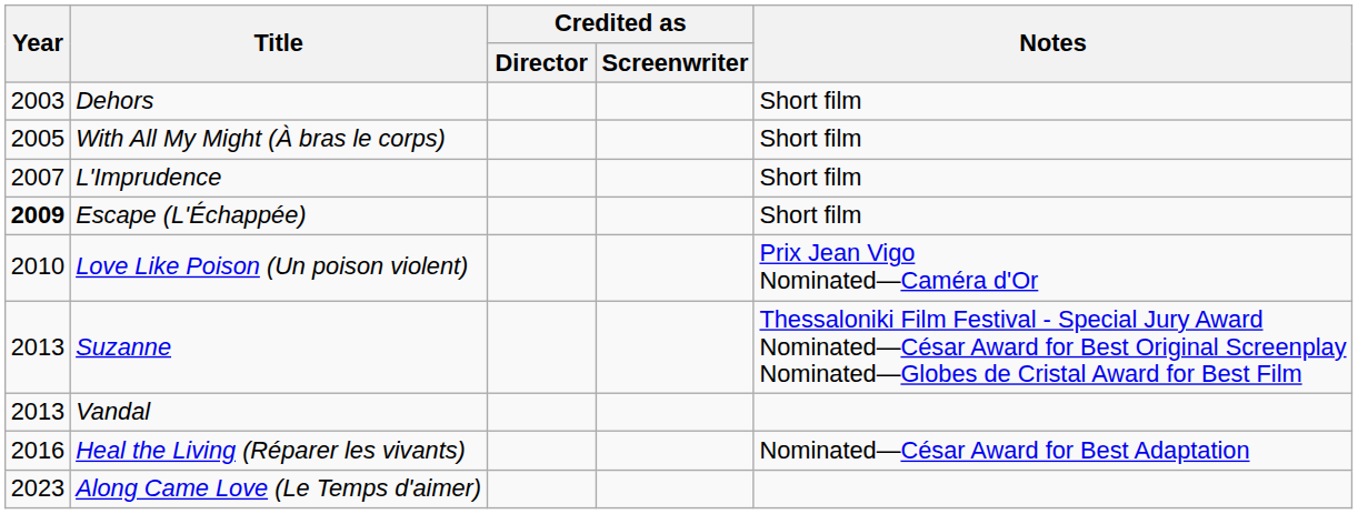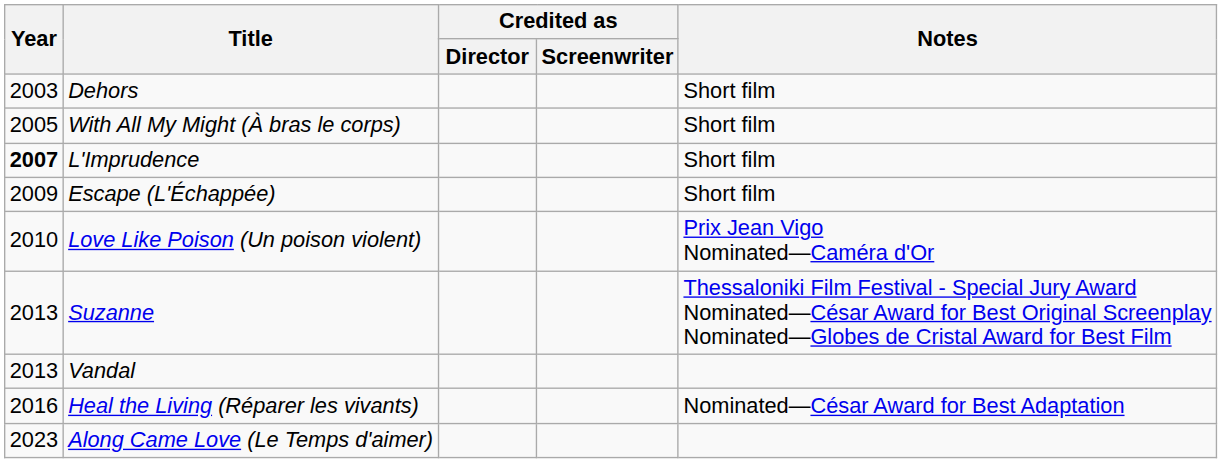 <table class="wikitable sortable">
 <tr>
 <th rowspan=2 width="33">Year</th>
 <th rowspan=2>Title</th>
 <th colspan=2>Credited as</th>
 <th rowspan=2>Notes</th>
 </tr>
 <tr>
 <th width=65>Director</th>
 <th width=65>Screenwriter</th>
 </tr>
 <tr>
 <td align="center">2003</td>
 <td align="left"><em>Dehors</em></td>
 <td></td>
 <td></td>
 <td>Short film</td>
 </tr>
 <tr>
 <td align="center">2005</td>
 <td align="left"><em>With All My Might (À bras le corps)</em></td>
 <td></td>
 <td></td>
 <td>Short film</td>
 </tr>
 <tr>
-<td align="center">2007</td>
+<td align="center"><strong>2007</strong></td>
 <td align="left"><em>L'Imprudence</em></td>
 <td></td>
 <td></td>
 <td>Short film</td>
 </tr>
 <tr>
-<td align="center"><strong>2009</strong></td>
+<td align="center">2009</td>
 <td align="left"><em>Escape (L'Échappée)</em></td>
 <td></td>
 <td></td>
 <td>Short film</td>
 </tr>
 <tr>
 <td align="center">2010</td>
 <td align="left"><em><a href='#'>Love Like Poison</a> (Un poison violent)</em></td>
 <td></td>
 <td></td>
 <td><a href='#'>Prix Jean Vigo</a><br>Nominated—<a href='#'>Caméra d'Or</a></td>
 </tr>
 <tr>
 <td align="center">2013</td>
 <td align="left"><em><a href='#'>Suzanne</a></em></td>
 <td></td>
 <td></td>
 <td><a href='#'>Thessaloniki Film Festival - Special Jury Award</a><br>Nominated—<a href='#'>César Award for Best Original Screenplay</a><br>Nominated—<a href='#'>Globes de Cristal Award for Best Film</a></td>
 </tr>
 <tr>
 <td align="center">2013</td>
 <td align="left"><em>Vandal</em></td>
 <td></td>
 <td></td>
 <td></td>
 </tr>
 <tr>
 <td align="center">2016</td>
 <td align="left"><em><a href='#'>Heal the Living</a> (Réparer les vivants)</em></td>
 <td></td>
 <td></td>
 <td>Nominated—<a href='#'>César Award for Best Adaptation</a></td>
 </tr>
 <tr>
 <td align="center">2023</td>
 <td align="left"><em><a href='#'>Along Came Love</a> (Le Temps d'aimer)</em></td>
 <td></td>
 <td></td>
 <td></td>
 </tr>
 </table>
